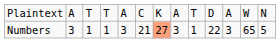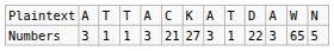 <table class="wikitable">
 <tr>
 <td>Plaintext</td>
 <td>A</td>
 <td>T</td>
 <td>T</td>
 <td>A</td>
 <td>C</td>
 <td>K</td>
 <td>A</td>
 <td>T</td>
 <td>D</td>
 <td>A</td>
 <td>W</td>
 <td>N</td>
 </tr>
 <tr>
 <td>Numbers</td>
 <td>3 </td>
 <td>1 </td>
 <td>1 </td>
 <td>3 </td>
 <td>21</td>
-<td style="background: lightsalmon;">27</td>
+<td>27</td>
 <td>3 </td>
 <td>1 </td>
 <td>22</td>
 <td>3 </td>
 <td>65</td>
 <td>5 </td>
 </tr>
 </table>
